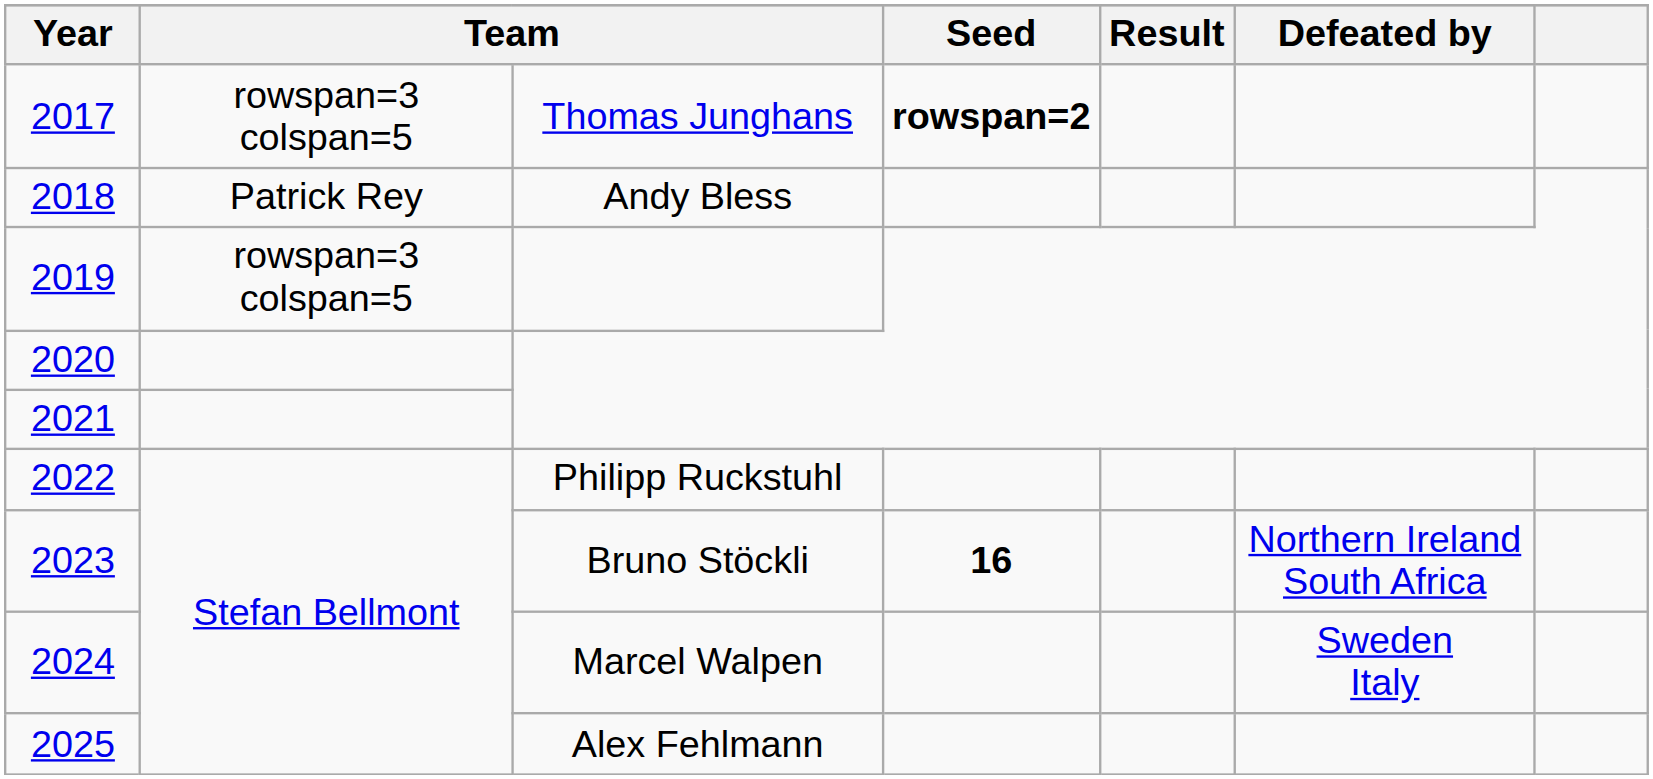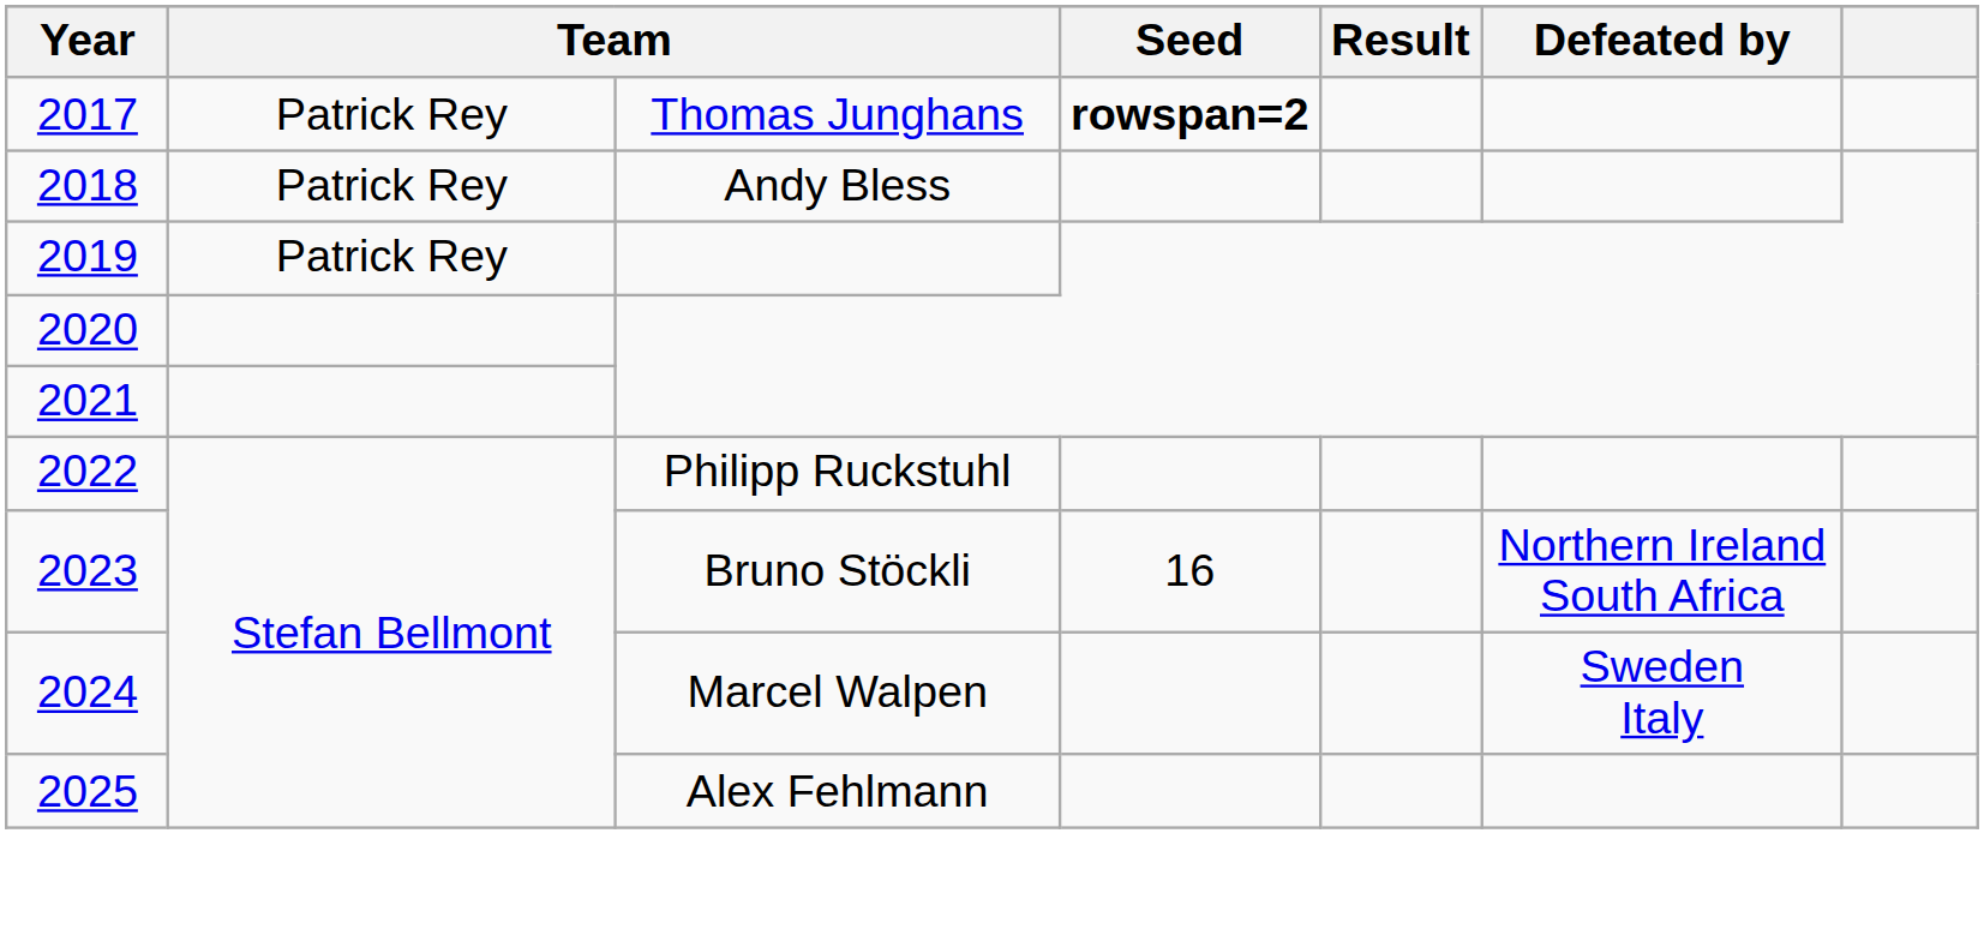 <table class="wikitable" style="text-align: center;">
 <tr style= "background: #e2e2e2;">
 </tr>
 <tr style="background: #efefef;">
 <th width=50px>Year</th>
 <th colspan="2">Team</th>
 <th width=50px>Seed</th>
 <th width=50px>Result</th>
 <th width=120px>Defeated by</th>
 <th width=40px></th>
 </tr>
 <tr>
 <td><a href='#'>2017</a></td>
-<td>rowspan=3 colspan=5 </td>
+<td width=150px>Patrick Rey</td>
 <td><a href='#'>Thomas Junghans</a></td>
 <td><strong>rowspan=2 </strong></td>
 <td></td>
 <td> </td>
 <td></td>
 </tr>
 <tr>
 <td><a href='#'>2018</a></td>
 <td width=150px>Patrick Rey</td>
 <td>Andy Bless</td>
 <td></td>
 <td> </td>
 <td></td>
 </tr>
 <tr>
 <td><a href='#'>2019</a></td>
-<td>rowspan=3 colspan=5 </td>
+<td width=150px>Patrick Rey</td>
 <td></td>
 </tr>
 <tr>
 <td><a href='#'>2020</a></td>
 <td></td>
 </tr>
 <tr>
 <td><a href='#'>2021</a></td>
 <td></td>
 </tr>
 <tr>
 <td><a href='#'>2022</a></td>
 <td rowspan=4><a href='#'>Stefan Bellmont</a></td>
 <td width=150px>Philipp Ruckstuhl</td>
 <td></td>
 <td></td>
 <td> </td>
 <td></td>
 </tr>
 <tr>
 <td><a href='#'>2023</a></td>
 <td>Bruno Stöckli</td>
-<td><strong>16</strong></td>
+<td>16</td>
 <td></td>
 <td> <a href='#'>Northern Ireland</a><br> <a href='#'>South Africa</a></td>
 <td></td>
 </tr>
 <tr>
 <td><a href='#'>2024</a></td>
 <td>Marcel Walpen</td>
 <td></td>
 <td></td>
 <td> <a href='#'>Sweden</a><br> <a href='#'>Italy</a></td>
 <td></td>
 </tr>
 <tr>
 <td><a href='#'>2025</a></td>
 <td>Alex Fehlmann</td>
 <td></td>
 <td></td>
 <td></td>
 <td></td>
 </tr>
 </table>
